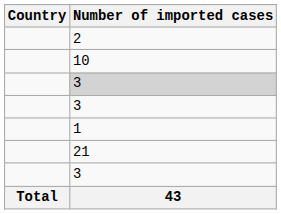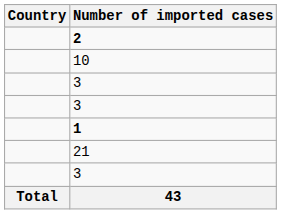 <table class="wikitable sortable col3der">
 <tr>
 <th>Country</th>
 <th>Number of imported cases</th>
 </tr>
 <tr>
 <td></td>
-<td>2</td>
+<td><strong>2</strong></td>
 </tr>
 <tr>
 <td></td>
 <td>10</td>
 </tr>
 <tr>
 <td></td>
-<td style="background: lightgrey;">3</td>
+<td>3</td>
 </tr>
 <tr>
 <td></td>
 <td>3</td>
 </tr>
 <tr>
 <td></td>
-<td>1</td>
+<td><strong>1</strong></td>
 </tr>
 <tr>
 <td></td>
 <td>21</td>
 </tr>
 <tr>
 <td></td>
 <td>3</td>
 </tr>
 <tr>
 <th>Total</th>
 <th>43</th>
 </tr>
 </table>
